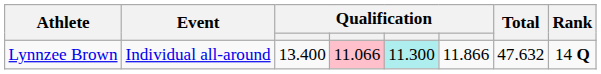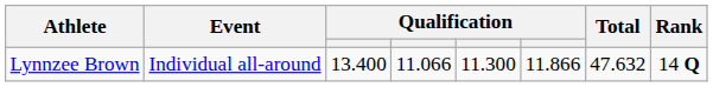 <table class="wikitable" style="font-size:90%">
 <tr>
 <th rowspan=2>Athlete</th>
 <th rowspan=2>Event</th>
 <th colspan=4>Qualification</th>
 <th rowspan=2>Total</th>
 <th rowspan=2>Rank</th>
 </tr>
 <tr style="font-size:95%">
 <th></th>
 <th></th>
 <th></th>
 <th></th>
 </tr>
 <tr align=center>
 <td align=left><a href='#'>Lynnzee Brown</a></td>
 <td align=left><a href='#'>Individual all-around</a></td>
 <td>13.400</td>
-<td style="background: pink;">11.066</td>
-<td style="background: paleturquoise;">11.300</td>
+<td>11.066</td>
+<td>11.300</td>
 <td>11.866</td>
 <td>47.632</td>
 <td>14 <strong>Q</strong></td>
 </tr>
 </table>
